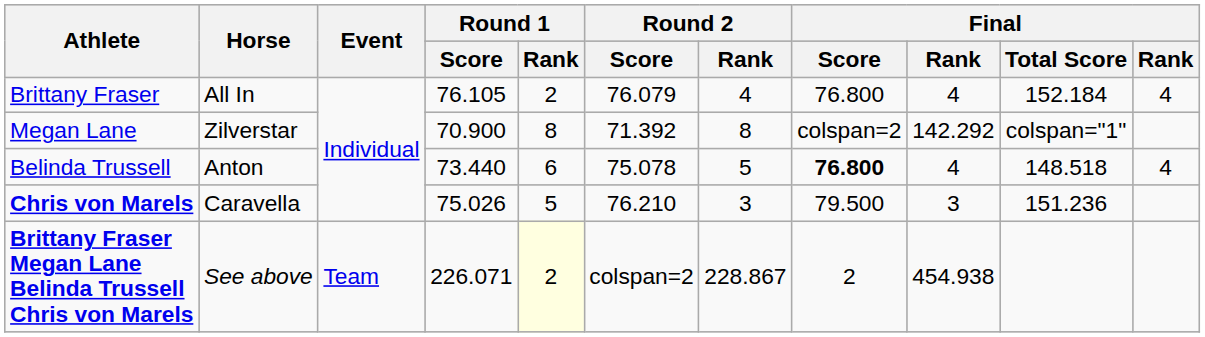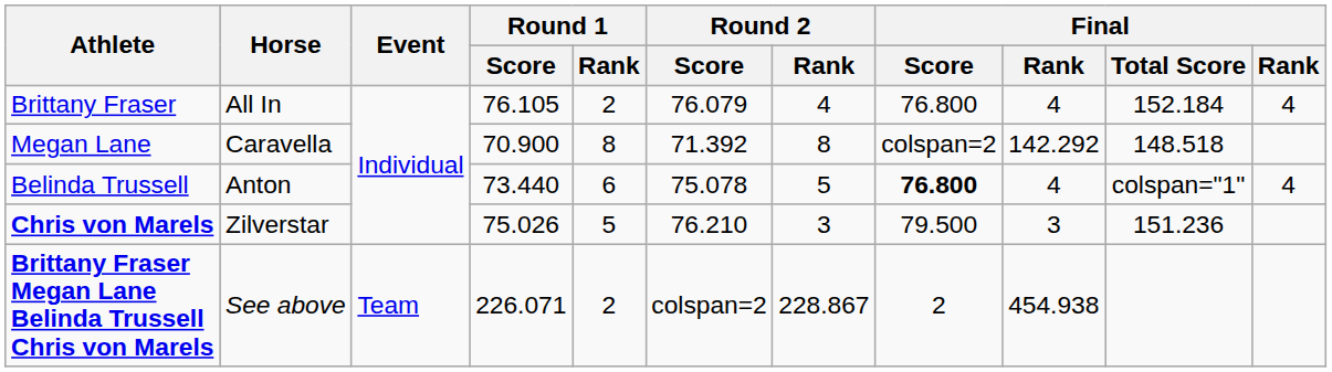 <table class=wikitable style="font-size:90%">
 <tr>
 <th rowspan=2>Athlete</th>
 <th rowspan=2>Horse</th>
 <th rowspan=2>Event</th>
 <th colspan=2>Round 1</th>
 <th colspan=2>Round 2</th>
 <th colspan=4>Final</th>
 </tr>
 <tr>
 <th>Score</th>
 <th>Rank</th>
 <th>Score</th>
 <th>Rank</th>
 <th>Score</th>
 <th>Rank</th>
 <th>Total Score</th>
 <th>Rank</th>
 </tr>
 <tr align=center>
 <td align=left><a href='#'>Brittany Fraser</a></td>
 <td align=left>All In</td>
 <td align=left rowspan=4><a href='#'>Individual</a></td>
 <td>76.105</td>
 <td>2</td>
 <td>76.079</td>
 <td>4</td>
 <td>76.800</td>
 <td>4</td>
 <td>152.184</td>
 <td>4</td>
 </tr>
 <tr align=center>
 <td align=left><a href='#'>Megan Lane</a></td>
-<td align=left>Zilverstar</td>
+<td align=left>Caravella</td>
 <td>70.900</td>
 <td>8</td>
 <td>71.392</td>
 <td>8</td>
 <td>colspan=2 </td>
 <td>142.292</td>
-<td>colspan="1" </td>
+<td>148.518</td>
 </tr>
 <tr align=center>
 <td align=left><a href='#'>Belinda Trussell</a></td>
 <td align=left>Anton</td>
 <td>73.440</td>
 <td>6</td>
 <td>75.078</td>
 <td>5</td>
 <td><strong>76.800</strong></td>
 <td>4</td>
-<td>148.518</td>
+<td>colspan="1" </td>
 <td>4</td>
 </tr>
 <tr align=center>
 <td align=left><strong><a href='#'>Chris von Marels</a></strong></td>
-<td align=left>Caravella</td>
+<td align=left>Zilverstar</td>
 <td>75.026</td>
 <td>5</td>
 <td>76.210</td>
 <td>3</td>
 <td>79.500</td>
 <td>3</td>
 <td>151.236</td>
 <td></td>
 </tr>
 <tr align=center>
 <td align=left><strong><a href='#'>Brittany Fraser</a><br><a href='#'>Megan Lane</a><br><a href='#'>Belinda Trussell</a><br><a href='#'>Chris von Marels</a></strong></td>
 <td align=left><em>See above</em></td>
 <td align=left><a href='#'>Team</a></td>
 <td>226.071</td>
-<td style="background: lightyellow;">2</td>
+<td>2</td>
 <td>colspan=2 </td>
 <td>228.867</td>
 <td>2</td>
 <td>454.938</td>
 <td></td>
 </tr>
 </table>
